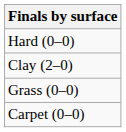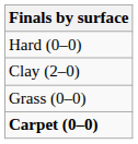 <table class=wikitable style=font-size:97%>
 <tr>
 <th>Finals by surface</th>
 </tr>
 <tr>
 <td>Hard (0–0)</td>
 </tr>
 <tr>
 <td>Clay (2–0)</td>
 </tr>
 <tr>
 <td>Grass (0–0)</td>
 </tr>
 <tr>
-<td>Carpet (0–0)</td>
+<td><strong>Carpet (0–0)</strong></td>
 </tr>
 </table>
